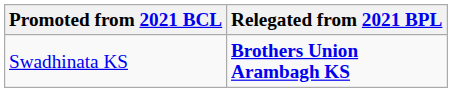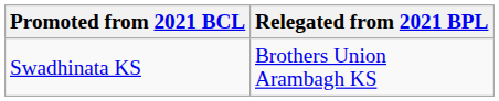 <table class="wikitable">
 <tr>
 <th>Promoted from <a href='#'>2021 BCL</a></th>
 <th>Relegated from <a href='#'>2021 BPL</a></th>
 </tr>
 <tr>
 <td><a href='#'>Swadhinata KS</a></td>
-<td><strong><a href='#'>Brothers Union</a><br><a href='#'>Arambagh KS</a></strong></td>
+<td><a href='#'>Brothers Union</a><br><a href='#'>Arambagh KS</a></td>
 </tr>
 </table>
